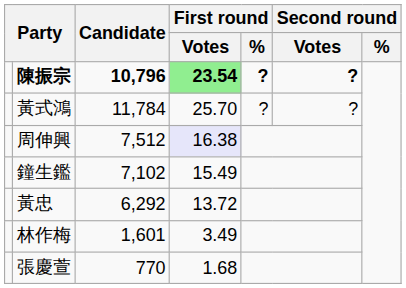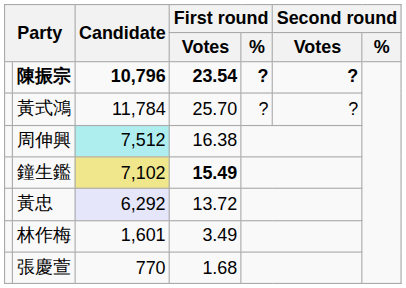 <table class="wikitable">
 <tr>
 <th colspan="2" rowspan="2">Party</th>
 <th rowspan="2">Candidate</th>
 <th colspan="2">First round</th>
 <th colspan="2">Second round</th>
 </tr>
 <tr>
 <th>Votes</th>
 <th>%</th>
 <th>Votes</th>
 <th>%</th>
 </tr>
 <tr>
 <td></td>
 <td><strong>陳振宗</strong></td>
 <td align="right"><strong>10,796</strong></td>
-<td align="right" style="background: lightgreen;"><strong>23.54</strong></td>
+<td align="right"><strong>23.54</strong></td>
 <td align="right"><strong>?</strong></td>
 <td align="right"><strong>?</strong></td>
 </tr>
 <tr>
 <td></td>
 <td>黃式鴻</td>
 <td align="right">11,784</td>
 <td align="right">25.70</td>
 <td align="right">?</td>
 <td align="right">?</td>
 </tr>
 <tr>
 <td></td>
 <td>周伸興</td>
-<td align="right">7,512</td>
-<td align="right" style="background: lavender;">16.38</td>
+<td align="right" style="background: paleturquoise;">7,512</td>
+<td align="right">16.38</td>
 <td colspan="2"></td>
 </tr>
 <tr>
 <td></td>
 <td>鐘生鑑</td>
-<td align="right">7,102</td>
-<td align="right">15.49</td>
+<td align="right" style="background: khaki;">7,102</td>
+<td align="right"><strong>15.49</strong></td>
 <td colspan="2"></td>
 </tr>
 <tr>
 <td></td>
 <td>黃忠</td>
-<td align="right">6,292</td>
+<td align="right" style="background: lavender;">6,292</td>
 <td align="right">13.72</td>
 <td colspan="2"></td>
 </tr>
 <tr>
 <td></td>
 <td>林作梅</td>
 <td align="right">1,601</td>
 <td align="right">3.49</td>
 <td colspan="2"></td>
 </tr>
 <tr>
 <td></td>
 <td>張慶萱</td>
 <td align="right">770</td>
 <td align="right">1.68</td>
 <td colspan="2"></td>
 </tr>
 </table>
